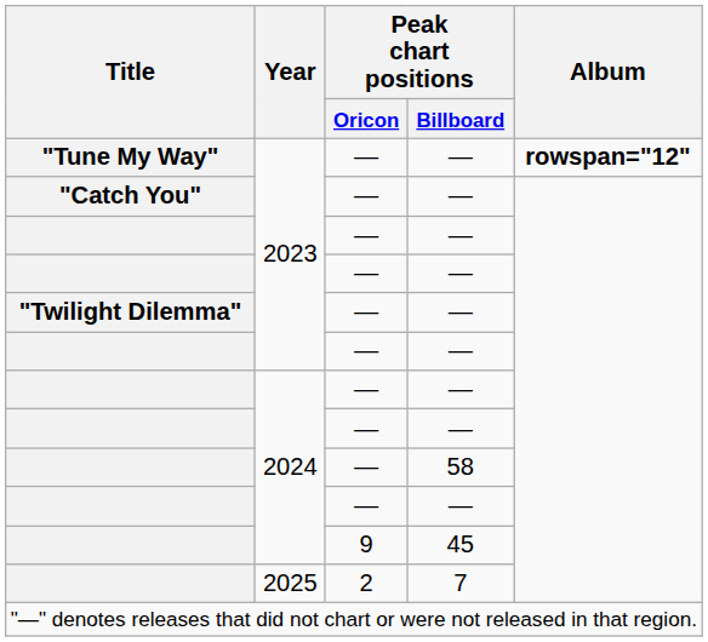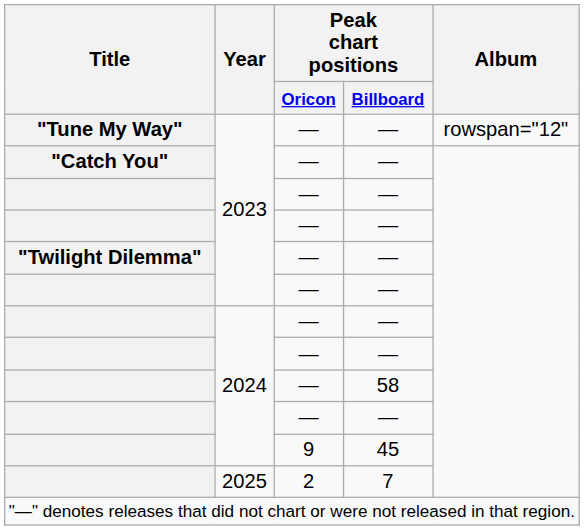 <table class="wikitable plainrowheaders" style="text-align:center;">
 <tr>
 <th scope="col" rowspan="2">Title</th>
 <th scope="col" rowspan="2">Year</th>
 <th scope="col" colspan="2">Peak <br> chart <br> positions</th>
 <th scope="col" rowspan="2">Album</th>
 </tr>
 <tr>
 <th scope="col" colspan="1"><small><a href='#'>Oricon</a></small></th>
 <th scope="col"><small><a href='#'>Billboard</a></small></th>
 </tr>
 <tr>
 <th scope="row">"Tune My Way"</th>
 <td rowspan="6">2023</td>
 <td>—</td>
 <td>—</td>
-<td><strong>rowspan="12" </strong></td>
+<td>rowspan="12" </td>
 </tr>
 <tr>
 <th scope="row">"Catch You"</th>
 <td>—</td>
 <td>—</td>
 </tr>
 <tr>
 <th scope="row"></th>
 <td>—</td>
 <td>—</td>
 </tr>
 <tr>
 <th scope="row"></th>
 <td>—</td>
 <td>—</td>
 </tr>
 <tr>
 <th scope="row">"Twilight Dilemma"</th>
 <td>—</td>
 <td>—</td>
 </tr>
 <tr>
 <th scope="row"></th>
 <td>—</td>
 <td>—</td>
 </tr>
 <tr>
 <th scope="row"></th>
 <td rowspan="5">2024</td>
 <td>—</td>
 <td>—</td>
 </tr>
 <tr>
 <th scope="row"></th>
 <td>—</td>
 <td>—</td>
 </tr>
 <tr>
 <th scope="row"></th>
 <td>—</td>
 <td>58</td>
 </tr>
 <tr>
 <th scope="row"></th>
 <td>—</td>
 <td>—</td>
 </tr>
 <tr>
 <th scope="row"></th>
 <td>9</td>
 <td>45</td>
 </tr>
 <tr>
 <th scope="row"></th>
 <td>2025</td>
 <td>2</td>
 <td>7</td>
 </tr>
 <tr>
 <td colspan="5" style="font-size:85%">"—" denotes releases that did not chart or were not released in that region.</td>
 </tr>
 </table>
